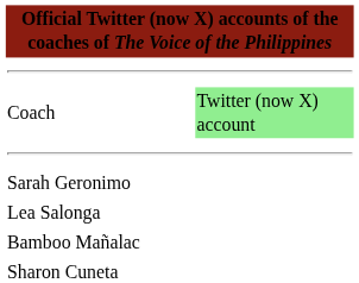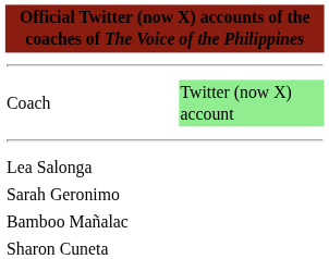 <table class="toccolours" style="width: 20em; float:right; margin-left:1em; font-size:83%; line-height:1.3em; width:250px;">
 <tr>
 <th colspan="2" style="text-align: center;background-color:#8b1c10;"><span><strong>Official Twitter (now X) accounts of the coaches of <em>The Voice of the Philippines<strong><em></span></th>
 </tr>
 <tr>
 <td colspan="2"><hr></td>
 </tr>
 <tr>
 <td scope="col" width="130"></strong>Coach<strong></td>
 <td style="background: lightgreen;"></strong>Twitter (now X) account<strong></td>
 </tr>
 <tr>
 <td colspan="2"><hr></td>
 </tr>
 <tr>
-<td>Sarah Geronimo</td>
+<td>Lea Salonga</td>
 <td></td>
 </tr>
 <tr>
-<td>Lea Salonga</td>
+<td>Sarah Geronimo</td>
 <td></td>
 </tr>
 <tr>
 <td>Bamboo Mañalac</td>
 <td></td>
 </tr>
 <tr>
 <td>Sharon Cuneta</td>
 <td></td>
 </tr>
 <tr>
 </tr>
 </table>
